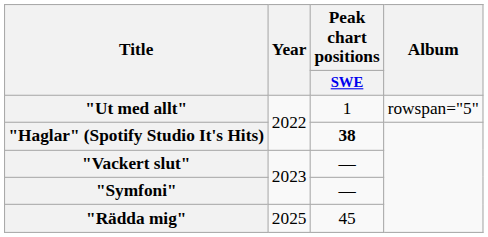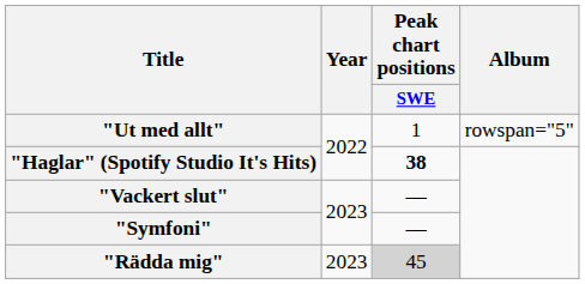 <table class="wikitable plainrowheaders" style="text-align:center;">
 <tr>
 <th scope="col" rowspan="2">Title</th>
 <th scope="col" rowspan="2">Year</th>
 <th scope="col" colspan="1">Peak chart positions</th>
 <th scope="col" rowspan="2">Album</th>
 </tr>
 <tr>
 <th scope="col" style="width:3em;font-size:85%;"><a href='#'>SWE</a><br></th>
 </tr>
 <tr>
 <th scope="row">"Ut med allt"</th>
 <td rowspan="2">2022</td>
 <td>1</td>
 <td>rowspan="5" </td>
 </tr>
 <tr>
 <th scope="row">"Haglar" (Spotify Studio It's Hits)<br></th>
 <td><strong>38<br></strong></td>
 </tr>
 <tr>
 <th scope="row">"Vackert slut"</th>
 <td rowspan="2">2023</td>
 <td>—</td>
 </tr>
 <tr>
 <th scope="row">"Symfoni"<br></th>
 <td>—</td>
 </tr>
 <tr>
 <th scope="row">"Rädda mig"</th>
-<td>2025</td>
-<td>45<br></td>
+<td>2023</td>
+<td style="background: lightgrey;">45<br></td>
 </tr>
 </table>
